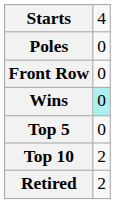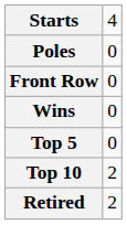 <table class="wikitable" style="text-align:center">
 <tr>
 <th>Starts</th>
 <td>4</td>
 </tr>
 <tr>
 <th>Poles</th>
 <td>0</td>
 </tr>
 <tr>
 <th>Front Row</th>
 <td>0</td>
 </tr>
 <tr>
 <th>Wins</th>
-<td style="background: paleturquoise;">0</td>
+<td>0</td>
 </tr>
 <tr>
 <th>Top 5</th>
 <td>0</td>
 </tr>
 <tr>
 <th>Top 10</th>
 <td>2</td>
 </tr>
 <tr>
 <th>Retired</th>
 <td>2</td>
 </tr>
 </table>
